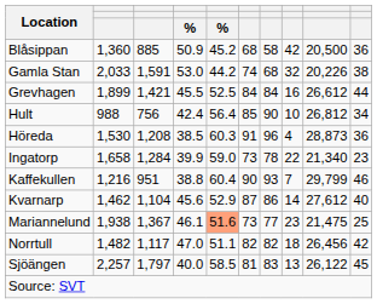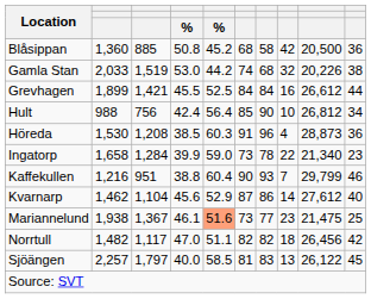 <table role="presentation" class="wikitable sortable mw-collapsible">
 <tr>
 <th rowspan="3">Location</th>
 <th></th>
 <th></th>
 <th></th>
 <th></th>
 <th></th>
 <th></th>
 <th></th>
 <th></th>
 <th></th>
 </tr>
 <tr>
 <th></th>
 <th></th>
 <th style="background:"></th>
 <th style="background:"></th>
 <th></th>
 <th></th>
 <th></th>
 <th></th>
 <th></th>
 </tr>
 <tr>
 <th data-sort-type="number"></th>
 <th data-sort-type="number"></th>
 <th data-sort-type="number">%</th>
 <th data-sort-type="number">%</th>
 <th data-sort-type="number"></th>
 <th data-sort-type="number"></th>
 <th data-sort-type="number"></th>
 <th data-sort-type="number"></th>
 <th data-sort-type="number"></th>
 </tr>
 <tr>
 <td align="left">Blåsippan</td>
 <td>1,360</td>
 <td>885</td>
-<td>50.9</td>
+<td>50.8</td>
 <td>45.2</td>
 <td>68</td>
 <td>58</td>
 <td>42</td>
 <td>20,500</td>
 <td>36</td>
 </tr>
 <tr>
 <td align="left">Gamla Stan</td>
 <td>2,033</td>
-<td>1,591</td>
+<td>1,519</td>
 <td>53.0</td>
 <td>44.2</td>
 <td>74</td>
 <td>68</td>
 <td>32</td>
 <td>20,226</td>
 <td>38</td>
 </tr>
 <tr>
 <td align="left">Grevhagen</td>
 <td>1,899</td>
 <td>1,421</td>
 <td>45.5</td>
 <td>52.5</td>
 <td>84</td>
 <td>84</td>
 <td>16</td>
 <td>26,612</td>
 <td>44</td>
 </tr>
 <tr>
 <td align="left">Hult</td>
 <td>988</td>
 <td>756</td>
 <td>42.4</td>
 <td>56.4</td>
 <td>85</td>
 <td>90</td>
 <td>10</td>
 <td>26,812</td>
 <td>34</td>
 </tr>
 <tr>
 <td align="left">Höreda</td>
 <td>1,530</td>
 <td>1,208</td>
 <td>38.5</td>
 <td>60.3</td>
 <td>91</td>
 <td>96</td>
 <td>4</td>
 <td>28,873</td>
 <td>36</td>
 </tr>
 <tr>
 <td align="left">Ingatorp</td>
 <td>1,658</td>
 <td>1,284</td>
 <td>39.9</td>
 <td>59.0</td>
 <td>73</td>
 <td>78</td>
 <td>22</td>
 <td>21,340</td>
 <td>23</td>
 </tr>
 <tr>
 <td align="left">Kaffekullen</td>
 <td>1,216</td>
 <td>951</td>
 <td>38.8</td>
 <td>60.4</td>
 <td>90</td>
 <td>93</td>
 <td>7</td>
 <td>29,799</td>
 <td>46</td>
 </tr>
 <tr>
 <td align="left">Kvarnarp</td>
 <td>1,462</td>
 <td>1,104</td>
 <td>45.6</td>
 <td>52.9</td>
 <td>87</td>
 <td>86</td>
 <td>14</td>
 <td>27,612</td>
 <td>40</td>
 </tr>
 <tr>
 <td align="left">Mariannelund</td>
 <td>1,938</td>
 <td>1,367</td>
 <td>46.1</td>
 <td style="background: lightsalmon;">51.6</td>
 <td>73</td>
 <td>77</td>
 <td>23</td>
 <td>21,475</td>
 <td>25</td>
 </tr>
 <tr>
 <td align="left">Norrtull</td>
 <td>1,482</td>
 <td>1,117</td>
 <td>47.0</td>
 <td>51.1</td>
 <td>82</td>
 <td>82</td>
 <td>18</td>
 <td>26,456</td>
 <td>42</td>
 </tr>
 <tr>
 <td align="left">Sjöängen</td>
 <td>2,257</td>
 <td>1,797</td>
 <td>40.0</td>
 <td>58.5</td>
 <td>81</td>
 <td>83</td>
 <td>13</td>
 <td>26,122</td>
 <td>45</td>
 </tr>
 <tr>
 <td colspan="10" align="left">Source: <a href='#'>SVT</a></td>
 </tr>
 </table>
